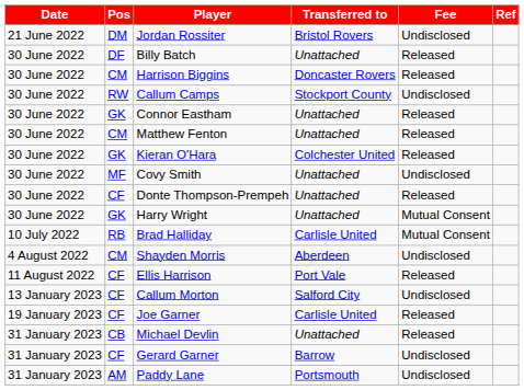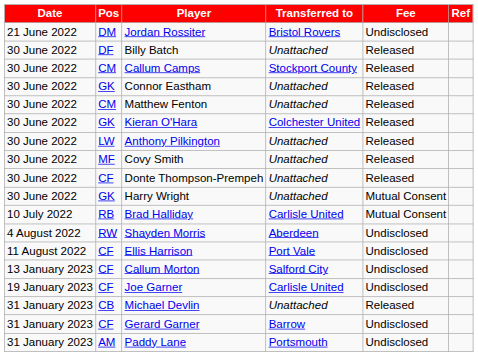 <table class="wikitable plainrowheaders sortable">
 <tr>
 <th style="background:#FF0000; color:#ffffff; ">Date</th>
 <th style="background:#FF0000; color:#ffffff; ">Pos</th>
 <th style="background:#FF0000; color:#ffffff; ">Player</th>
 <th style="background:#FF0000; color:#ffffff; ">Transferred to</th>
 <th style="background:#FF0000; color:#ffffff; ">Fee</th>
 <th style="background:#FF0000; color:#ffffff; ">Ref</th>
 </tr>
 <tr>
 <td>21 June 2022</td>
 <td><a href='#'>DM</a></td>
 <td> <a href='#'>Jordan Rossiter</a></td>
 <td> <a href='#'>Bristol Rovers</a></td>
 <td>Undisclosed</td>
 <td></td>
 </tr>
 <tr>
 <td>30 June 2022</td>
 <td><a href='#'>DF</a></td>
 <td> Billy Batch</td>
 <td> <em>Unattached</em></td>
 <td>Released</td>
 <td></td>
 </tr>
 <tr>
 <td>30 June 2022</td>
 <td><a href='#'>CM</a></td>
-<td> <a href='#'>Harrison Biggins</a></td>
-<td> <a href='#'>Doncaster Rovers</a></td>
-<td>Released</td>
-<td></td>
-</tr>
-<tr>
-<td>30 June 2022</td>
-<td><a href='#'>RW</a></td>
 <td> <a href='#'>Callum Camps</a></td>
 <td> <a href='#'>Stockport County</a></td>
-<td>Undisclosed</td>
+<td>Released</td>
 <td></td>
 </tr>
 <tr>
 <td>30 June 2022</td>
 <td><a href='#'>GK</a></td>
 <td> Connor Eastham</td>
 <td> <em>Unattached</em></td>
 <td>Released</td>
 <td></td>
 </tr>
 <tr>
 <td>30 June 2022</td>
 <td><a href='#'>CM</a></td>
 <td> Matthew Fenton</td>
 <td> <em>Unattached</em></td>
 <td>Released</td>
 <td></td>
 </tr>
 <tr>
 <td>30 June 2022</td>
 <td><a href='#'>GK</a></td>
 <td> <a href='#'>Kieran O'Hara</a></td>
 <td> <a href='#'>Colchester United</a></td>
 <td>Released</td>
 <td></td>
 </tr>
 <tr>
 <td>30 June 2022</td>
+<td><a href='#'>LW</a></td>
+<td> <a href='#'>Anthony Pilkington</a></td>
+<td> <em>Unattached</em></td>
+<td>Released</td>
+<td></td>
+</tr>
+<tr>
+<td>30 June 2022</td>
 <td><a href='#'>MF</a></td>
 <td> Covy Smith</td>
 <td> <em>Unattached</em></td>
-<td>Undisclosed</td>
+<td>Released</td>
 <td></td>
 </tr>
 <tr>
 <td>30 June 2022</td>
 <td><a href='#'>CF</a></td>
 <td> Donte Thompson-Prempeh</td>
 <td> <em>Unattached</em></td>
 <td>Released</td>
 <td></td>
 </tr>
 <tr>
 <td>30 June 2022</td>
 <td><a href='#'>GK</a></td>
 <td> Harry Wright</td>
 <td> <em>Unattached</em></td>
 <td>Mutual Consent</td>
 <td></td>
 </tr>
 <tr>
 <td>10 July 2022</td>
 <td><a href='#'>RB</a></td>
 <td> <a href='#'>Brad Halliday</a></td>
 <td> <a href='#'>Carlisle United</a></td>
 <td>Mutual Consent</td>
 <td></td>
 </tr>
 <tr>
 <td>4 August 2022</td>
-<td><a href='#'>CM</a></td>
+<td><a href='#'>RW</a></td>
 <td> <a href='#'>Shayden Morris</a></td>
 <td> <a href='#'>Aberdeen</a></td>
 <td>Undisclosed</td>
 <td></td>
 </tr>
 <tr>
 <td>11 August 2022</td>
 <td><a href='#'>CF</a></td>
 <td> <a href='#'>Ellis Harrison</a></td>
 <td> <a href='#'>Port Vale</a></td>
-<td>Released</td>
+<td>Undisclosed</td>
 <td></td>
 </tr>
 <tr>
 <td>13 January 2023</td>
 <td><a href='#'>CF</a></td>
 <td> <a href='#'>Callum Morton</a></td>
 <td> <a href='#'>Salford City</a></td>
 <td>Undisclosed</td>
 <td></td>
 </tr>
 <tr>
 <td>19 January 2023</td>
 <td><a href='#'>CF</a></td>
 <td> <a href='#'>Joe Garner</a></td>
 <td> <a href='#'>Carlisle United</a></td>
-<td>Released</td>
+<td>Undisclosed</td>
 <td></td>
 </tr>
 <tr>
 <td>31 January 2023</td>
 <td><a href='#'>CB</a></td>
 <td> <a href='#'>Michael Devlin</a></td>
 <td> <em>Unattached</em></td>
 <td>Released</td>
 <td></td>
 </tr>
 <tr>
 <td>31 January 2023</td>
 <td><a href='#'>CF</a></td>
 <td> <a href='#'>Gerard Garner</a></td>
 <td> <a href='#'>Barrow</a></td>
 <td>Undisclosed</td>
 <td></td>
 </tr>
 <tr>
 <td>31 January 2023</td>
 <td><a href='#'>AM</a></td>
 <td> <a href='#'>Paddy Lane</a></td>
 <td> <a href='#'>Portsmouth</a></td>
 <td>Undisclosed</td>
 <td></td>
 </tr>
 </table>
